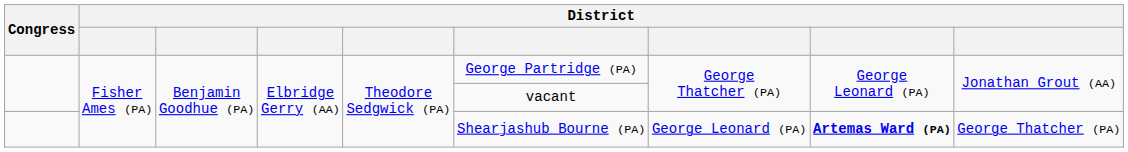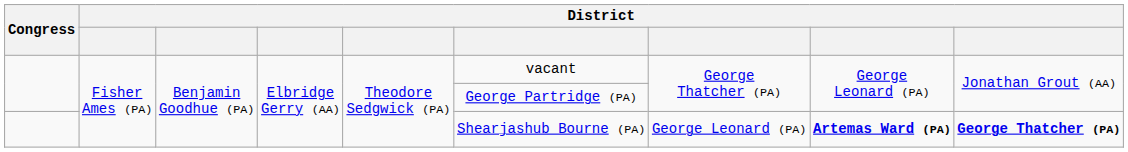 <table class=wikitable style="text-align:center">
 <tr>
 <th rowspan=2>Congress</th>
 <th colspan=8>District</th>
 </tr>
 <tr style="height: 2em">
 <th></th>
 <th></th>
 <th></th>
 <th></th>
 <th></th>
 <th></th>
 <th></th>
 <th></th>
 </tr>
 <tr style="height: 2em">
 <td scope="row" rowspan=2><strong></strong> </td>
 <td rowspan=3 ><a href='#'>Fisher<br>Ames</a> <small>(PA)</small></td>
 <td rowspan=3 ><a href='#'>Benjamin<br>Goodhue</a> <small>(PA)</small></td>
 <td rowspan=3 ><a href='#'>Elbridge<br>Gerry</a> <small>(AA)</small></td>
 <td rowspan=3 ><a href='#'>Theodore<br>Sedgwick</a> <small>(PA)</small></td>
-<td><a href='#'>George Partridge</a> <small>(PA)</small></td>
+<td>vacant</td>
 <td rowspan=2 ><a href='#'>George<br>Thatcher</a> <small>(PA)</small></td>
 <td rowspan=2 ><a href='#'>George<br>Leonard</a> <small>(PA)</small></td>
 <td rowspan=2 ><a href='#'>Jonathan Grout</a> <small>(AA)</small></td>
 </tr>
 <tr style="height: 2em">
-<td>vacant</td>
+<td><a href='#'>George Partridge</a> <small>(PA)</small></td>
 </tr>
 <tr style="height: 2.5em">
 <td scope="row"><strong></strong> </td>
 <td><a href='#'>Shearjashub Bourne</a> <small>(PA)</small></td>
 <td><a href='#'>George Leonard</a> <small>(PA)</small></td>
 <td><strong><a href='#'>Artemas Ward</a> <small>(PA)</small></strong></td>
-<td><a href='#'>George Thatcher</a> <small>(PA)</small></td>
+<td><strong><a href='#'>George Thatcher</a> <small>(PA)</small></strong></td>
 </tr>
 </table>
